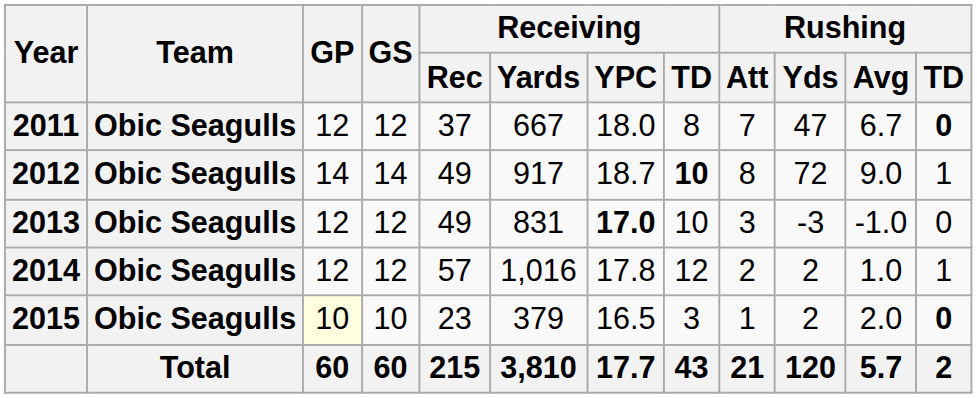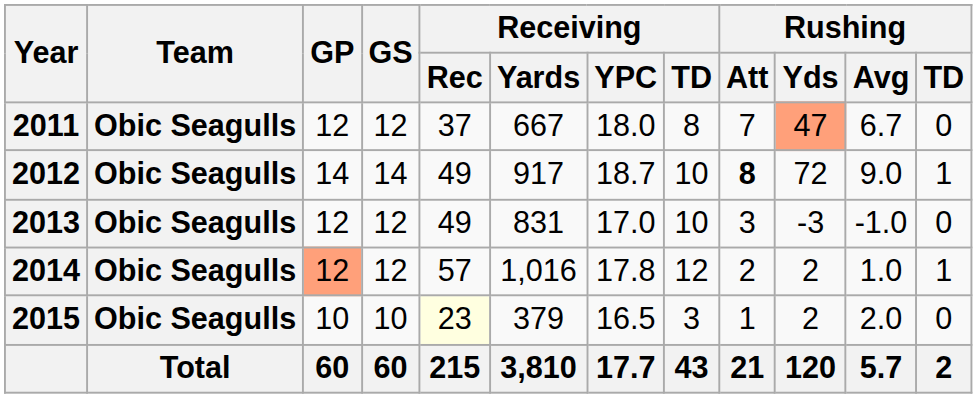 <table class="wikitable" style="text-align: center;">
 <tr>
 <th rowspan="2">Year</th>
 <th rowspan="2">Team</th>
 <th rowspan="2">GP</th>
 <th rowspan="2">GS</th>
 <th colspan="4">Receiving</th>
 <th colspan="4">Rushing</th>
 </tr>
 <tr>
 <th>Rec</th>
 <th>Yards</th>
 <th>YPC</th>
 <th>TD</th>
 <th>Att</th>
 <th>Yds</th>
 <th>Avg</th>
 <th>TD</th>
 </tr>
 <tr>
 <th>2011</th>
 <th>Obic Seagulls</th>
 <td>12</td>
 <td>12</td>
 <td>37</td>
 <td>667</td>
 <td>18.0</td>
 <td>8</td>
 <td>7</td>
-<td>47</td>
+<td style="background: lightsalmon;">47</td>
 <td>6.7</td>
-<td><strong>0</strong></td>
+<td>0</td>
 </tr>
 <tr>
 <th>2012</th>
 <th>Obic Seagulls</th>
 <td>14</td>
 <td>14</td>
 <td>49</td>
 <td>917</td>
 <td>18.7</td>
-<td><strong>10</strong></td>
-<td>8</td>
+<td>10</td>
+<td><strong>8</strong></td>
 <td>72</td>
 <td>9.0</td>
 <td>1</td>
 </tr>
 <tr>
 <th>2013</th>
 <th>Obic Seagulls</th>
 <td>12</td>
 <td>12</td>
 <td>49</td>
 <td>831</td>
-<td><strong>17.0</strong></td>
+<td>17.0</td>
 <td>10</td>
 <td>3</td>
 <td>-3</td>
 <td>-1.0</td>
 <td>0</td>
 </tr>
 <tr>
 <th>2014</th>
 <th>Obic Seagulls</th>
-<td>12</td>
+<td style="background: lightsalmon;">12</td>
 <td>12</td>
 <td>57</td>
 <td>1,016</td>
 <td>17.8</td>
 <td>12</td>
 <td>2</td>
 <td>2</td>
 <td>1.0</td>
 <td>1</td>
 </tr>
 <tr>
 <th>2015</th>
 <th>Obic Seagulls</th>
-<td style="background: lightyellow;">10</td>
 <td>10</td>
-<td>23</td>
+<td>10</td>
+<td style="background: lightyellow;">23</td>
 <td>379</td>
 <td>16.5</td>
 <td>3</td>
 <td>1</td>
 <td>2</td>
 <td>2.0</td>
-<td><strong>0</strong></td>
+<td>0</td>
 </tr>
 <tr>
 <th></th>
 <th>Total</th>
 <th>60</th>
 <th>60</th>
 <th>215</th>
 <th>3,810</th>
 <th>17.7</th>
 <th>43</th>
 <th>21</th>
 <th>120</th>
 <th>5.7</th>
 <th>2</th>
 </tr>
 </table>
